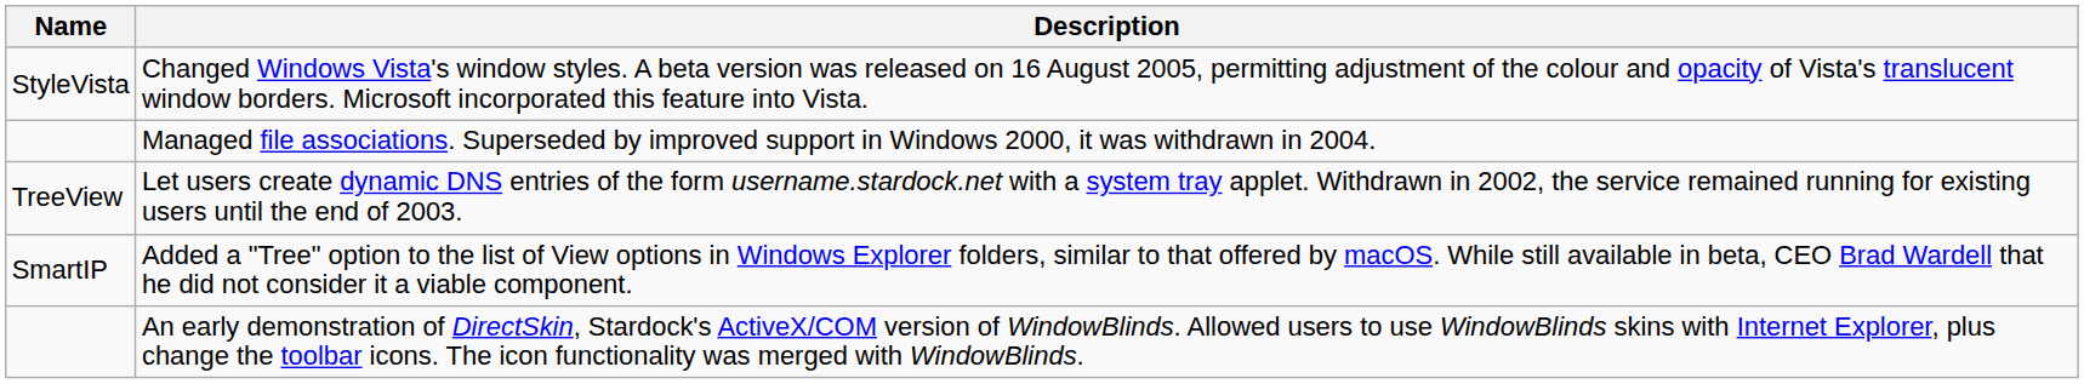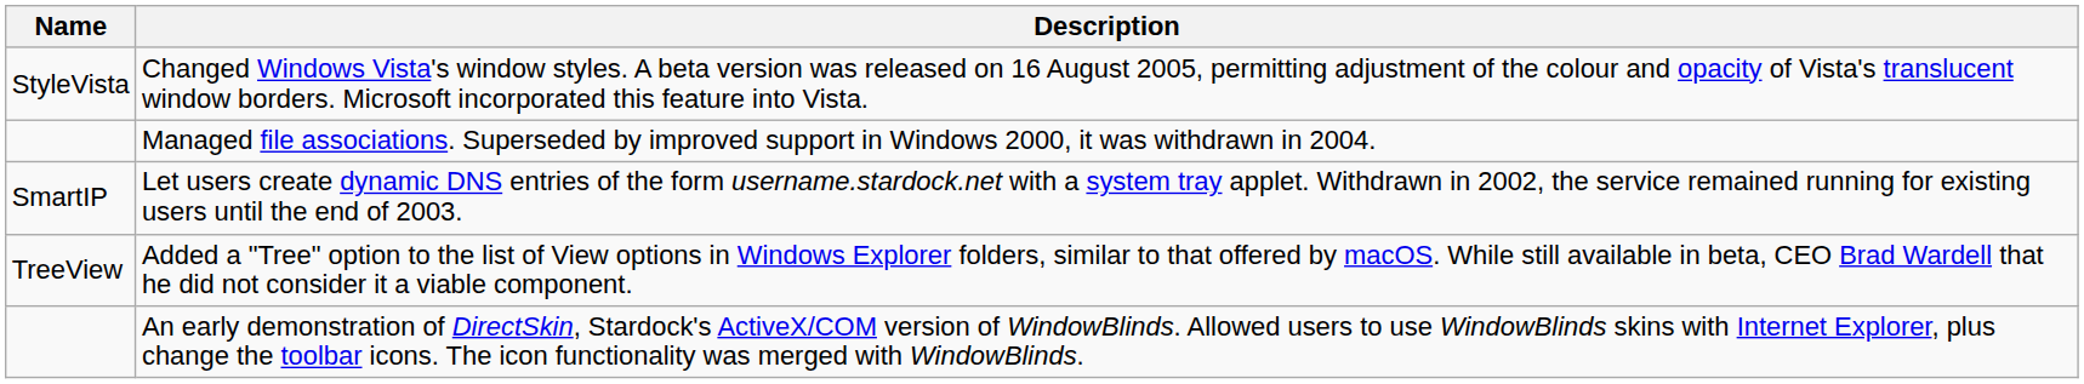 <table class="wikitable sortable">
 <tr>
 <th>Name</th>
 <th>Description</th>
 </tr>
 <tr>
 <td>StyleVista</td>
 <td>Changed <a href='#'>Windows Vista</a>'s window styles. A beta version was released on 16 August 2005, permitting adjustment of the colour and <a href='#'>opacity</a> of Vista's <a href='#'>translucent</a> window borders. Microsoft incorporated this feature into Vista.</td>
 </tr>
 <tr>
 <td></td>
 <td>Managed <a href='#'>file associations</a>. Superseded by improved support in Windows 2000, it was withdrawn in 2004.</td>
 </tr>
 <tr>
-<td>TreeView</td>
+<td>SmartIP</td>
 <td>Let users create <a href='#'>dynamic DNS</a> entries of the form <em>username.stardock.net</em> with a <a href='#'>system tray</a> applet. Withdrawn in 2002, the service remained running for existing users until the end of 2003.</td>
 </tr>
 <tr>
-<td>SmartIP</td>
+<td>TreeView</td>
 <td>Added a "Tree" option to the list of View options in <a href='#'>Windows Explorer</a> folders, similar to that offered by <a href='#'>macOS</a>. While still available in beta, CEO <a href='#'>Brad Wardell</a>  that he did not consider it a viable component.</td>
 </tr>
 <tr>
 <td></td>
 <td>An early demonstration of <em><a href='#'>DirectSkin</a></em>, Stardock's <a href='#'>ActiveX/COM</a> version of <em>WindowBlinds</em>. Allowed users to use <em>WindowBlinds</em> skins with <a href='#'>Internet Explorer</a>, plus change the <a href='#'>toolbar</a> icons. The icon functionality was merged with <em>WindowBlinds</em>.</td>
 </tr>
 </table>
